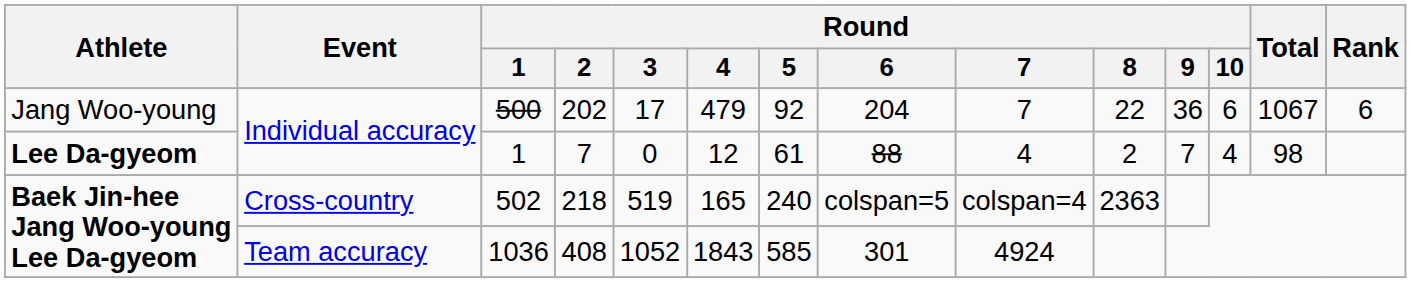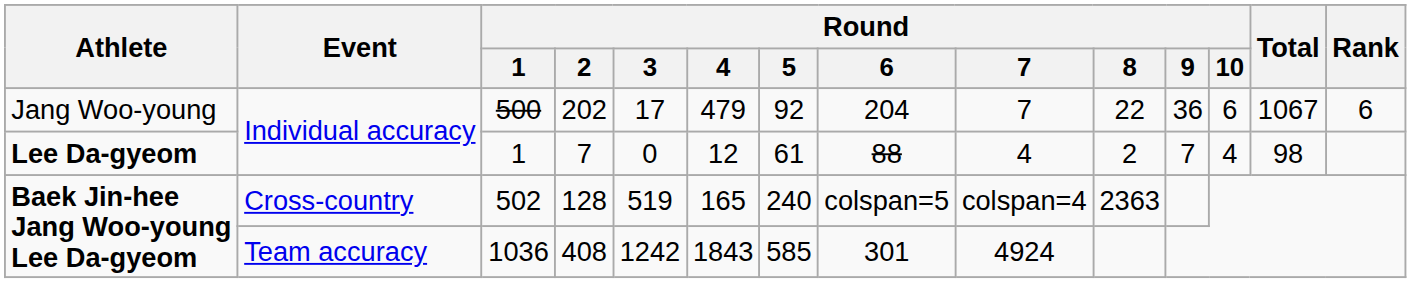 <table class=wikitable style=font-size:90%;text-align:center>
 <tr>
 <th rowspan="2">Athlete</th>
 <th rowspan="2">Event</th>
 <th colspan=10>Round</th>
 <th rowspan=2>Total</th>
 <th rowspan=2>Rank</th>
 </tr>
 <tr style="font-size:95%">
 <th>1</th>
 <th>2</th>
 <th>3</th>
 <th>4</th>
 <th>5</th>
 <th>6</th>
 <th>7</th>
 <th>8</th>
 <th>9</th>
 <th>10</th>
 </tr>
 <tr>
 <td align=left>Jang Woo-young</td>
 <td align=left rowspan=2><a href='#'>Individual accuracy</a></td>
 <td><s>500</s></td>
 <td>202</td>
 <td>17</td>
 <td>479</td>
 <td>92</td>
 <td>204</td>
 <td>7</td>
 <td>22</td>
 <td>36</td>
 <td>6</td>
 <td>1067</td>
 <td>6</td>
 </tr>
 <tr>
 <td align=left><strong>Lee Da-gyeom</strong></td>
 <td>1</td>
 <td>7</td>
 <td>0</td>
 <td>12</td>
 <td>61</td>
 <td><s>88</s></td>
 <td>4</td>
 <td>2</td>
 <td>7</td>
 <td>4</td>
 <td>98</td>
 <td></td>
 </tr>
 <tr>
 <td align=left rowspan=2><strong>Baek Jin-hee<br>Jang Woo-young<br>Lee Da-gyeom</strong></td>
 <td align=left><a href='#'>Cross-country</a></td>
 <td>502</td>
-<td>218</td>
+<td>128</td>
 <td>519</td>
 <td>165</td>
 <td>240</td>
 <td>colspan=5 </td>
 <td>colspan=4 </td>
 <td>2363</td>
 <td></td>
 </tr>
 <tr>
 <td align=left><a href='#'>Team accuracy</a></td>
 <td>1036</td>
 <td>408</td>
-<td>1052</td>
+<td>1242</td>
 <td>1843</td>
 <td>585</td>
 <td>301</td>
 <td>4924</td>
 <td></td>
 </tr>
 </table>
